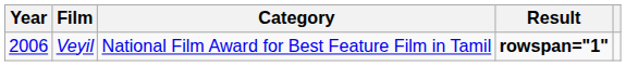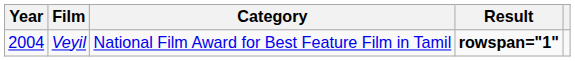 <table class="wikitable sortable">
 <tr>
 <th scope="col">Year</th>
 <th scope="col">Film</th>
 <th scope="col">Category</th>
 <th scope="col">Result</th>
 <th class="unsortable" scope="col"></th>
 </tr>
 <tr>
-<td><a href='#'>2006</a></td>
+<td><a href='#'>2004</a></td>
 <td><em><a href='#'>Veyil</a></em></td>
 <td rowspan="1"><a href='#'>National Film Award for Best Feature Film in Tamil</a></td>
 <td><strong>rowspan="1" </strong></td>
 <td></td>
 </tr>
 </table>
